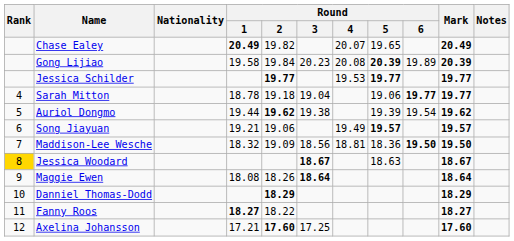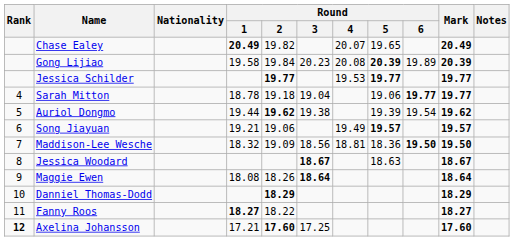 <table class="wikitable sortable" style="text-align:center">
 <tr>
 <th rowspan=2>Rank</th>
 <th rowspan=2>Name</th>
 <th rowspan=2>Nationality</th>
 <th colspan=6>Round</th>
 <th rowspan=2>Mark</th>
 <th rowspan=2>Notes</th>
 </tr>
 <tr>
 <th>1</th>
 <th>2</th>
 <th>3</th>
 <th>4</th>
 <th>5</th>
 <th>6</th>
 </tr>
 <tr>
 <td></td>
 <td align=left><a href='#'>Chase Ealey</a></td>
 <td align=left></td>
 <td><strong>20.49</strong></td>
 <td>19.82</td>
 <td></td>
 <td>20.07</td>
 <td>19.65</td>
 <td></td>
 <td><strong>20.49</strong></td>
 <td></td>
 </tr>
 <tr>
 <td></td>
 <td align=left><a href='#'>Gong Lijiao</a></td>
 <td align=left></td>
 <td>19.58</td>
 <td>19.84</td>
 <td>20.23</td>
 <td>20.08</td>
 <td><strong>20.39</strong></td>
 <td>19.89</td>
 <td><strong>20.39</strong></td>
 <td></td>
 </tr>
 <tr>
 <td></td>
 <td align=left><a href='#'>Jessica Schilder</a></td>
 <td align=left></td>
 <td></td>
 <td><strong>19.77</strong></td>
 <td></td>
 <td>19.53</td>
 <td><strong>19.77</strong></td>
 <td></td>
 <td><strong>19.77</strong></td>
 <td></td>
 </tr>
 <tr>
 <td>4</td>
 <td align=left><a href='#'>Sarah Mitton</a></td>
 <td align=left></td>
 <td>18.78</td>
 <td>19.18</td>
 <td>19.04</td>
 <td></td>
 <td>19.06</td>
 <td><strong>19.77</strong></td>
 <td><strong>19.77</strong></td>
 <td></td>
 </tr>
 <tr>
 <td>5</td>
 <td align=left><a href='#'>Auriol Dongmo</a></td>
 <td align=left></td>
 <td>19.44</td>
 <td><strong>19.62</strong></td>
 <td>19.38</td>
 <td></td>
 <td>19.39</td>
 <td>19.54</td>
 <td><strong>19.62</strong></td>
 <td></td>
 </tr>
 <tr>
 <td>6</td>
 <td align=left><a href='#'>Song Jiayuan</a></td>
 <td align=left></td>
 <td>19.21</td>
 <td>19.06</td>
 <td></td>
 <td>19.49</td>
 <td><strong>19.57</strong></td>
 <td></td>
 <td><strong>19.57</strong></td>
 <td></td>
 </tr>
 <tr>
 <td>7</td>
 <td align=left><a href='#'>Maddison-Lee Wesche</a></td>
 <td align=left></td>
 <td>18.32</td>
 <td>19.09</td>
 <td>18.56</td>
 <td>18.81</td>
 <td>18.36</td>
 <td><strong>19.50</strong></td>
 <td><strong>19.50</strong></td>
 <td></td>
 </tr>
 <tr>
-<td style="background: gold;">8</td>
+<td>8</td>
 <td align=left><a href='#'>Jessica Woodard</a></td>
 <td align=left></td>
 <td></td>
 <td></td>
 <td><strong>18.67</strong></td>
 <td></td>
 <td>18.63</td>
 <td></td>
 <td><strong>18.67</strong></td>
 <td></td>
 </tr>
 <tr>
 <td>9</td>
 <td align=left><a href='#'>Maggie Ewen</a></td>
 <td align=left></td>
 <td>18.08</td>
 <td>18.26</td>
 <td><strong>18.64</strong></td>
 <td></td>
 <td></td>
 <td></td>
 <td><strong>18.64</strong></td>
 <td></td>
 </tr>
 <tr>
 <td>10</td>
 <td align=left><a href='#'>Danniel Thomas-Dodd</a></td>
 <td align=left></td>
 <td></td>
 <td><strong>18.29</strong></td>
 <td></td>
 <td></td>
 <td></td>
 <td></td>
 <td><strong>18.29</strong></td>
 <td></td>
 </tr>
 <tr>
 <td>11</td>
 <td align=left><a href='#'>Fanny Roos</a></td>
 <td align=left></td>
 <td><strong>18.27</strong></td>
 <td>18.22</td>
 <td></td>
 <td></td>
 <td></td>
 <td></td>
 <td><strong>18.27</strong></td>
 <td></td>
 </tr>
 <tr>
-<td>12</td>
+<td><strong>12</strong></td>
 <td align=left><a href='#'>Axelina Johansson</a></td>
 <td align=left></td>
 <td>17.21</td>
 <td><strong>17.60</strong></td>
 <td>17.25</td>
 <td></td>
 <td></td>
 <td></td>
 <td><strong>17.60</strong></td>
 <td></td>
 </tr>
 </table>
